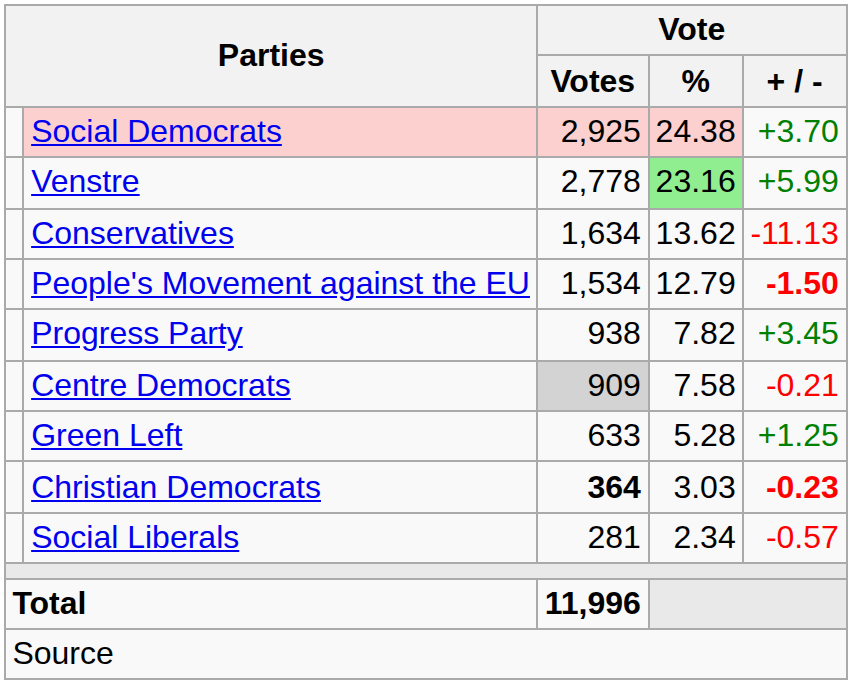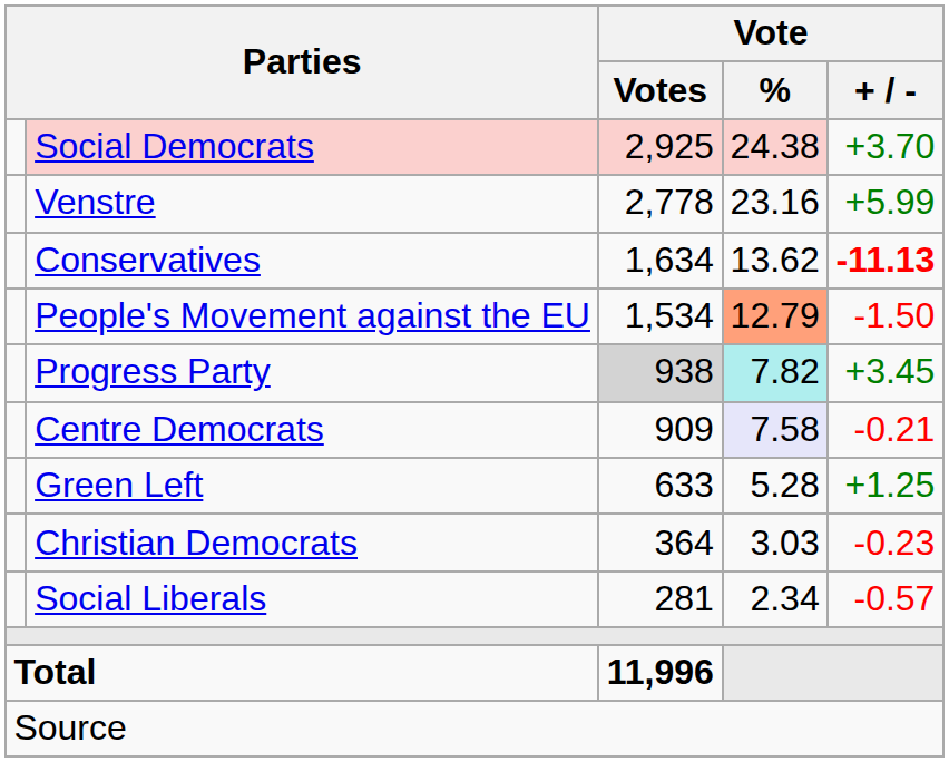 <table class="wikitable" style="text-align:right;">
 <tr>
 <th style="text-align:centre;" rowspan="2" colspan="2" width="225">Parties</th>
 <th colspan="3">Vote</th>
 </tr>
 <tr>
 <th width="15">Votes</th>
 <th width="15">%</th>
 <th width="15">+ / -</th>
 </tr>
 <tr>
 <td width="2" style="color:inherit;background:"></td>
 <td bgcolor=#fbd0ce   align="left"><a href='#'>Social Democrats</a></td>
 <td bgcolor=#fbd0ce>2,925</td>
 <td bgcolor=#fbd0ce>24.38</td>
 <td style=color:green;>+3.70</td>
 </tr>
 <tr>
 <td width="2" style="color:inherit;background:"></td>
 <td align="left"><a href='#'>Venstre</a></td>
 <td>2,778</td>
-<td style="background: lightgreen;">23.16</td>
+<td>23.16</td>
 <td style=color:green;>+5.99</td>
 </tr>
 <tr>
 <td width="2" style="color:inherit;background:"></td>
 <td align="left"><a href='#'>Conservatives</a></td>
 <td>1,634</td>
 <td>13.62</td>
-<td style=color:red;>-11.13</td>
+<td style=color:red;><strong>-11.13</strong></td>
 </tr>
 <tr>
 <td width="2" style="color:inherit;background:"></td>
 <td align="left"><a href='#'>People's Movement against the EU</a></td>
 <td>1,534</td>
-<td>12.79</td>
-<td style=color:red;><strong>-1.50</strong></td>
+<td style="background: lightsalmon;">12.79</td>
+<td style=color:red;>-1.50</td>
 </tr>
 <tr>
 <td width="2" style="color:inherit;background:"></td>
 <td align="left"><a href='#'>Progress Party</a></td>
-<td>938</td>
-<td>7.82</td>
+<td style="background: lightgrey;">938</td>
+<td style="background: paleturquoise;">7.82</td>
 <td style=color:green;>+3.45</td>
 </tr>
 <tr>
 <td width="2" style="color:inherit;background:"></td>
 <td align="left"><a href='#'>Centre Democrats</a></td>
-<td style="background: lightgrey;">909</td>
-<td>7.58</td>
+<td>909</td>
+<td style="background: lavender;">7.58</td>
 <td style=color:red;>-0.21</td>
 </tr>
 <tr>
 <td width="2" style="color:inherit;background:"></td>
 <td align="left"><a href='#'>Green Left</a></td>
 <td>633</td>
 <td>5.28</td>
 <td style=color:green;>+1.25</td>
 </tr>
 <tr>
 <td width="2" style="color:inherit;background:"></td>
 <td align="left"><a href='#'>Christian Democrats</a></td>
-<td><strong>364</strong></td>
+<td>364</td>
 <td>3.03</td>
-<td style=color:red;><strong>-0.23</strong></td>
+<td style=color:red;>-0.23</td>
 </tr>
 <tr>
 <td width="2" style="color:inherit;background:"></td>
 <td align="left"><a href='#'>Social Liberals</a></td>
 <td>281</td>
 <td>2.34</td>
 <td style=color:red;>-0.57</td>
 </tr>
 <tr>
 <td colspan="7" bgcolor="#E9E9E9"></td>
 </tr>
 <tr>
 <td align="left" colspan="2"><strong>Total</strong></td>
 <td><strong>11,996</strong></td>
 <td bgcolor="#E9E9E9" colspan="2"></td>
 </tr>
 <tr>
 <td align="left" colspan="6">Source</td>
 </tr>
 </table>
